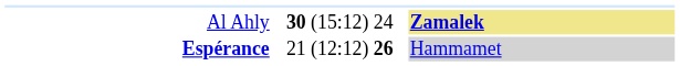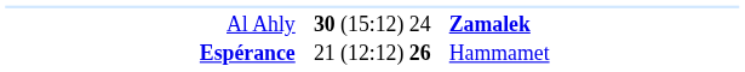 <table style="text-align:center" width=550>
 <tr>
 <th width=30%></th>
 <th width=15%></th>
 <th width=30%></th>
 </tr>
 <tr align="left" bgcolor=#D0E7FF>
 <td colspan=4></td>
 </tr>
 <tr>
 <td align="right"><a href='#'>Al Ahly</a> </td>
 <td><strong>30</strong> (15:12) 24</td>
-<td align=left style="background: khaki;"> <strong><a href='#'>Zamalek</a></strong></td>
+<td align=left> <strong><a href='#'>Zamalek</a></strong></td>
 </tr>
 <tr>
 <td align="right"><strong><a href='#'>Espérance</a></strong> </td>
 <td>21 (12:12) <strong>26</strong></td>
-<td align=left style="background: lightgrey;"> <a href='#'>Hammamet</a></td>
+<td align=left> <a href='#'>Hammamet</a></td>
 </tr>
 </table>
